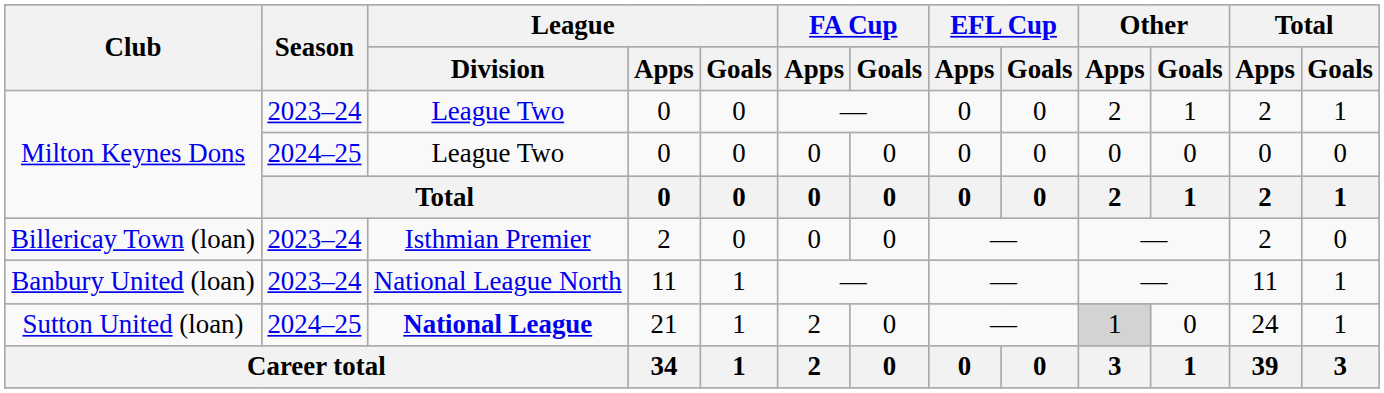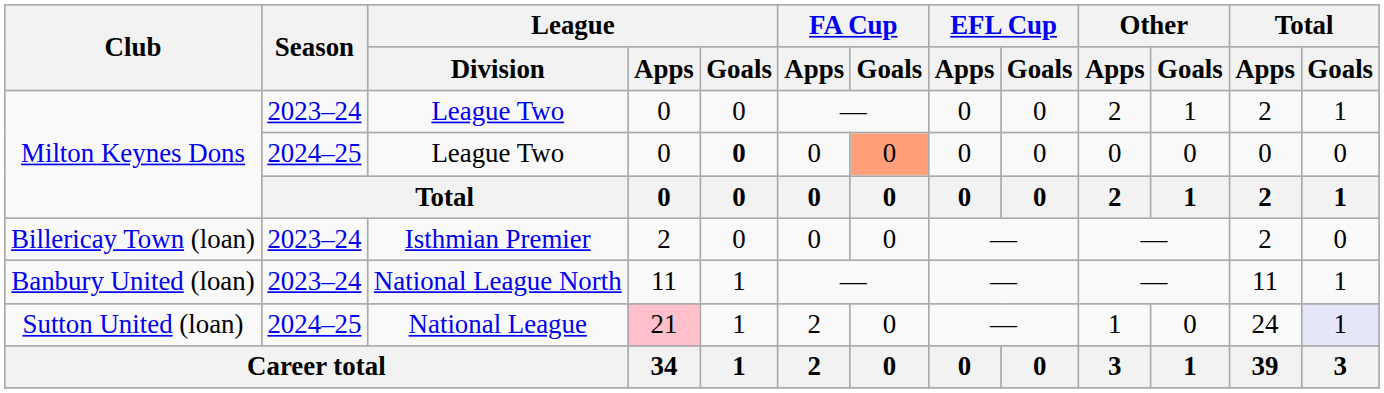 <table class="wikitable" style="text-align: center">
 <tr>
 <th rowspan="2">Club</th>
 <th rowspan="2">Season</th>
 <th colspan="3">League</th>
 <th colspan="2"><a href='#'>FA Cup</a></th>
 <th colspan="2"><a href='#'>EFL Cup</a></th>
 <th colspan="2">Other</th>
 <th colspan="2">Total</th>
 </tr>
 <tr>
 <th>Division</th>
 <th>Apps</th>
 <th>Goals</th>
 <th>Apps</th>
 <th>Goals</th>
 <th>Apps</th>
 <th>Goals</th>
 <th>Apps</th>
 <th>Goals</th>
 <th>Apps</th>
 <th>Goals</th>
 </tr>
 <tr>
 <td rowspan="3"><a href='#'>Milton Keynes Dons</a></td>
 <td><a href='#'>2023–24</a></td>
 <td><a href='#'>League Two</a></td>
 <td>0</td>
 <td>0</td>
 <td colspan="2">—</td>
 <td>0</td>
 <td>0</td>
 <td>2</td>
 <td>1</td>
 <td>2</td>
 <td>1</td>
 </tr>
 <tr>
 <td><a href='#'>2024–25</a></td>
 <td>League Two</td>
 <td>0</td>
+<td><strong>0</strong></td>
 <td>0</td>
-<td>0</td>
-<td>0</td>
+<td style="background: lightsalmon;">0</td>
 <td>0</td>
 <td>0</td>
 <td>0</td>
 <td>0</td>
 <td>0</td>
 <td>0</td>
 </tr>
 <tr>
 <th colspan="2">Total</th>
 <th>0</th>
 <th>0</th>
 <th>0</th>
 <th>0</th>
 <th>0</th>
 <th>0</th>
 <th>2</th>
 <th>1</th>
 <th>2</th>
 <th>1</th>
 </tr>
 <tr>
 <td><a href='#'>Billericay Town</a> (loan)</td>
 <td><a href='#'>2023–24</a></td>
 <td><a href='#'>Isthmian Premier</a></td>
 <td>2</td>
 <td>0</td>
 <td>0</td>
 <td>0</td>
 <td colspan="2">—</td>
 <td colspan="2">—</td>
 <td>2</td>
 <td>0</td>
 </tr>
 <tr>
 <td><a href='#'>Banbury United</a> (loan)</td>
 <td><a href='#'>2023–24</a></td>
 <td><a href='#'>National League North</a></td>
 <td>11</td>
 <td>1</td>
 <td colspan="2">—</td>
 <td colspan="2">—</td>
 <td colspan="2">—</td>
 <td>11</td>
 <td>1</td>
 </tr>
 <tr>
 <td><a href='#'>Sutton United</a> (loan)</td>
 <td><a href='#'>2024–25</a></td>
-<td><strong><a href='#'>National League</a></strong></td>
-<td>21</td>
+<td><a href='#'>National League</a></td>
+<td style="background: pink;">21</td>
 <td>1</td>
 <td>2</td>
 <td>0</td>
 <td colspan="2">—</td>
-<td style="background: lightgrey;">1</td>
+<td>1</td>
 <td>0</td>
 <td>24</td>
-<td>1</td>
+<td style="background: lavender;">1</td>
 </tr>
 <tr>
 <th colspan="3">Career total</th>
 <th>34</th>
 <th>1</th>
 <th>2</th>
 <th>0</th>
 <th>0</th>
 <th>0</th>
 <th>3</th>
 <th>1</th>
 <th>39</th>
 <th>3</th>
 </tr>
 </table>
